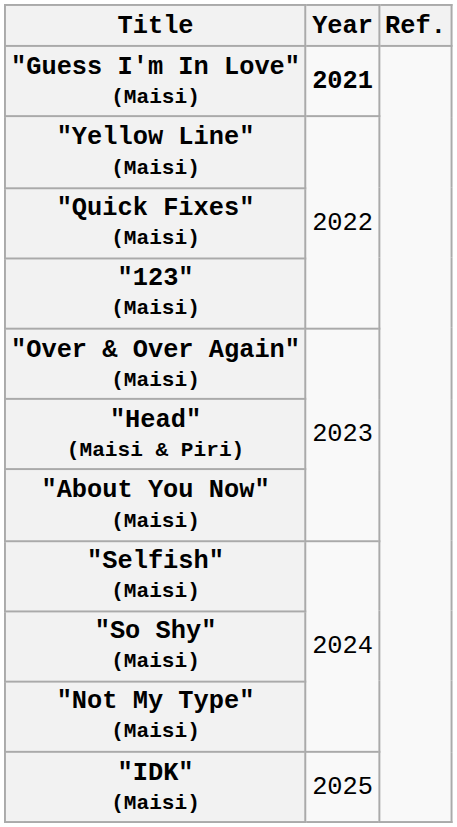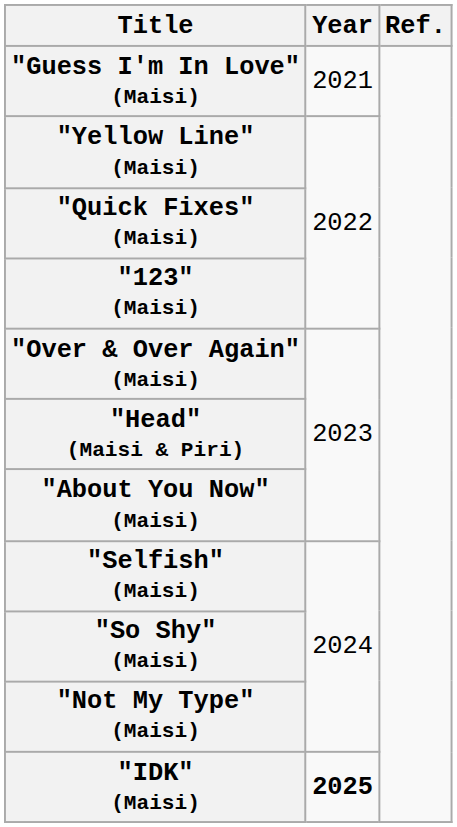 <table class="wikitable plainrowheaders" style="text-align:center;">
 <tr>
 <th scope="col">Title</th>
 <th scope="col">Year</th>
 <th>Ref.</th>
 </tr>
 <tr>
 <th scope="row">"Guess I'm In Love"<br><small>(Maisi)</small></th>
-<td><strong>2021</strong></td>
+<td>2021</td>
 <td rowspan="11"></td>
 </tr>
 <tr>
 <th scope="row">"Yellow Line"<br><small>(Maisi)</small></th>
 <td rowspan=3>2022</td>
 </tr>
 <tr>
 <th scope="row">"Quick Fixes"<br><small>(Maisi)</small></th>
 </tr>
 <tr>
 <th scope="row">"123"<br><small>(Maisi)</small></th>
 </tr>
 <tr>
 <th scope="row">"Over & Over Again"<br><small>(Maisi)</small></th>
 <td rowspan=3>2023</td>
 </tr>
 <tr>
 <th scope="row">"Head"<br><small>(Maisi & Piri)</small></th>
 </tr>
 <tr>
 <th scope="row">"About You Now"<br><small>(Maisi)</small></th>
 </tr>
 <tr>
 <th scope="row">"Selfish"<br><small>(Maisi)</small></th>
 <td rowspan=3>2024</td>
 </tr>
 <tr>
 <th scope="row">"So Shy"<br><small>(Maisi)</small></th>
 </tr>
 <tr>
 <th scope="row">"Not My Type"<br><small>(Maisi)</small></th>
 </tr>
 <tr>
 <th scope="row">"IDK"<br><small>(Maisi)</small></th>
-<td>2025</td>
+<td><strong>2025</strong></td>
 </tr>
 </table>
